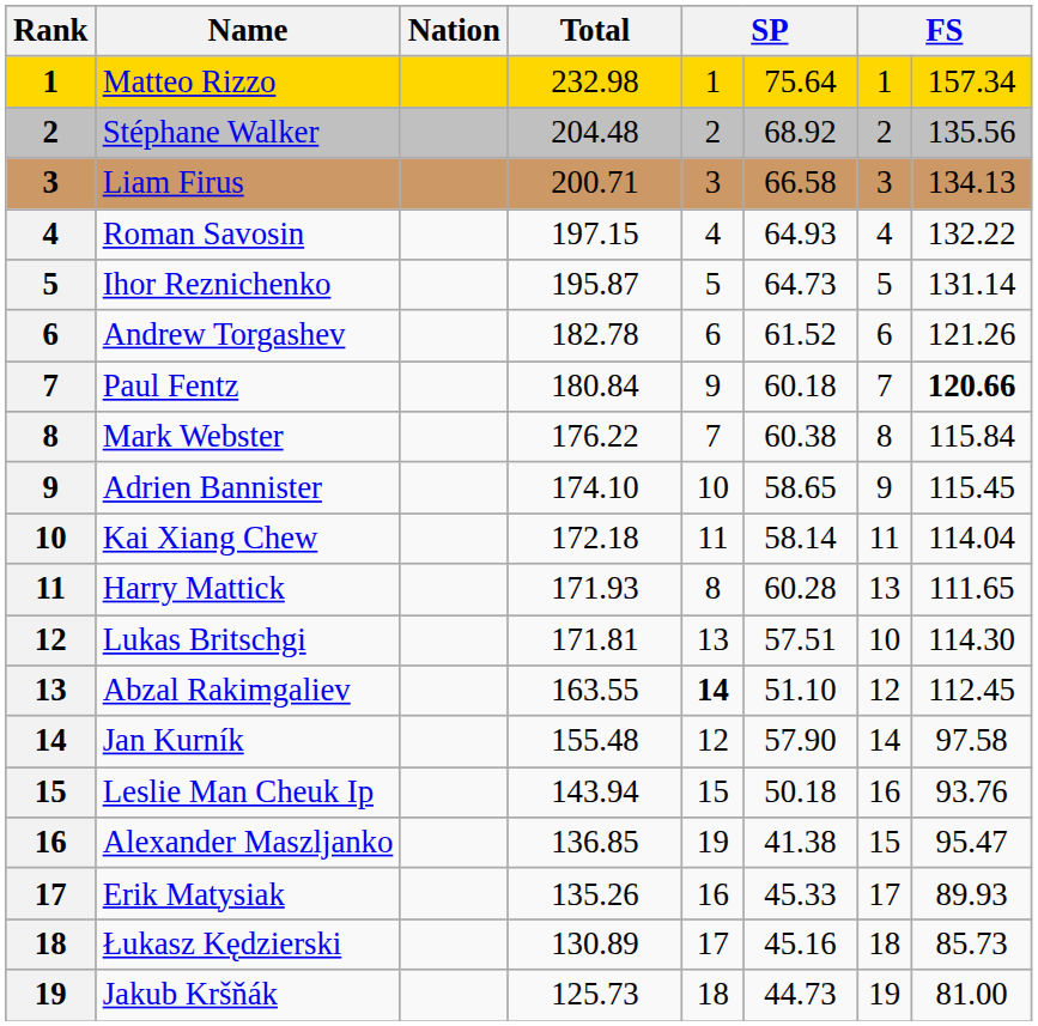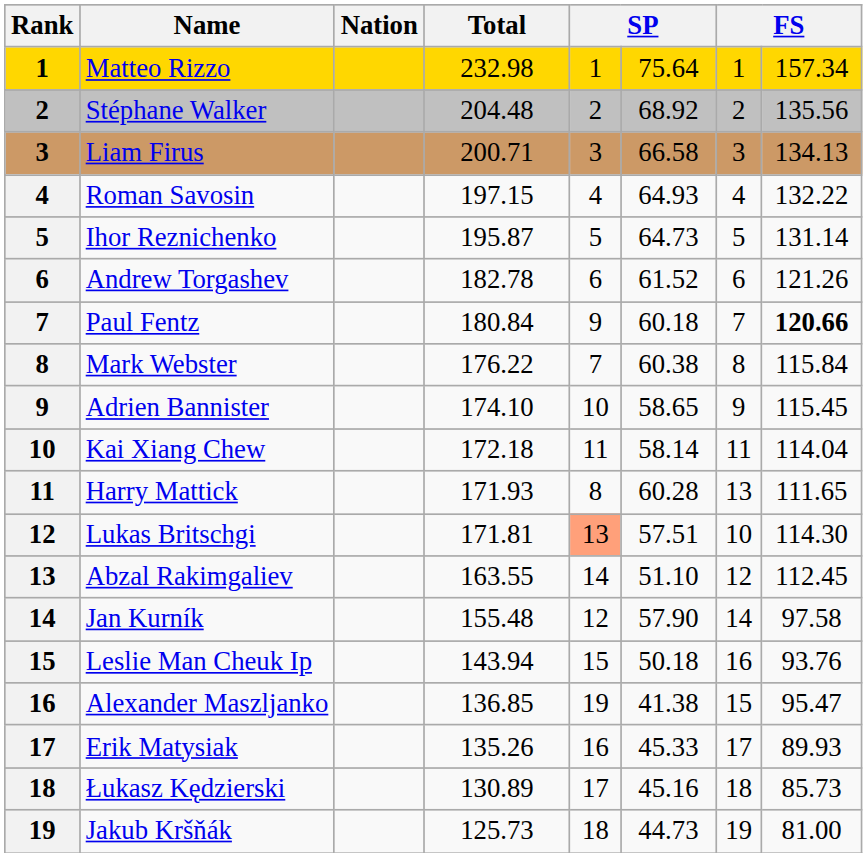 <table class="wikitable sortable">
 <tr>
 <th>Rank</th>
 <th>Name</th>
 <th>Nation</th>
 <th width="80px">Total</th>
 <th colspan="2" width="80px"><a href='#'>SP</a></th>
 <th colspan="2" width="80px"><a href='#'>FS</a></th>
 </tr>
 <tr bgcolor="gold">
 <td align="center"><strong>1</strong></td>
 <td><a href='#'>Matteo Rizzo</a></td>
 <td></td>
 <td align="center">232.98</td>
 <td align="center">1</td>
 <td align="center">75.64</td>
 <td align="center">1</td>
 <td align="center">157.34</td>
 </tr>
 <tr bgcolor="silver">
 <td align="center"><strong>2</strong></td>
 <td><a href='#'>Stéphane Walker</a></td>
 <td></td>
 <td align="center">204.48</td>
 <td align="center">2</td>
 <td align="center">68.92</td>
 <td align="center">2</td>
 <td align="center">135.56</td>
 </tr>
 <tr bgcolor="cc9966">
 <td align="center"><strong>3</strong></td>
 <td><a href='#'>Liam Firus</a></td>
 <td></td>
 <td align="center">200.71</td>
 <td align="center">3</td>
 <td align="center">66.58</td>
 <td align="center">3</td>
 <td align="center">134.13</td>
 </tr>
 <tr>
 <th>4</th>
 <td><a href='#'>Roman Savosin</a></td>
 <td></td>
 <td align="center">197.15</td>
 <td align="center">4</td>
 <td align="center">64.93</td>
 <td align="center">4</td>
 <td align="center">132.22</td>
 </tr>
 <tr>
 <th>5</th>
 <td><a href='#'>Ihor Reznichenko</a></td>
 <td></td>
 <td align="center">195.87</td>
 <td align="center">5</td>
 <td align="center">64.73</td>
 <td align="center">5</td>
 <td align="center">131.14</td>
 </tr>
 <tr>
 <th>6</th>
 <td><a href='#'>Andrew Torgashev</a></td>
 <td></td>
 <td align="center">182.78</td>
 <td align="center">6</td>
 <td align="center">61.52</td>
 <td align="center">6</td>
 <td align="center">121.26</td>
 </tr>
 <tr>
 <th>7</th>
 <td><a href='#'>Paul Fentz</a></td>
 <td></td>
 <td align="center">180.84</td>
 <td align="center">9</td>
 <td align="center">60.18</td>
 <td align="center">7</td>
 <td align="center"><strong>120.66</strong></td>
 </tr>
 <tr>
 <th>8</th>
 <td><a href='#'>Mark Webster</a></td>
 <td></td>
 <td align="center">176.22</td>
 <td align="center">7</td>
 <td align="center">60.38</td>
 <td align="center">8</td>
 <td align="center">115.84</td>
 </tr>
 <tr>
 <th>9</th>
 <td><a href='#'>Adrien Bannister</a></td>
 <td></td>
 <td align="center">174.10</td>
 <td align="center">10</td>
 <td align="center">58.65</td>
 <td align="center">9</td>
 <td align="center">115.45</td>
 </tr>
 <tr>
 <th>10</th>
 <td><a href='#'>Kai Xiang Chew</a></td>
 <td></td>
 <td align="center">172.18</td>
 <td align="center">11</td>
 <td align="center">58.14</td>
 <td align="center">11</td>
 <td align="center">114.04</td>
 </tr>
 <tr>
 <th>11</th>
 <td><a href='#'>Harry Mattick</a></td>
 <td></td>
 <td align="center">171.93</td>
 <td align="center">8</td>
 <td align="center">60.28</td>
 <td align="center">13</td>
 <td align="center">111.65</td>
 </tr>
 <tr>
 <th>12</th>
 <td><a href='#'>Lukas Britschgi</a></td>
 <td></td>
 <td align="center">171.81</td>
-<td align="center">13</td>
+<td align="center" style="background: lightsalmon;">13</td>
 <td align="center">57.51</td>
 <td align="center">10</td>
 <td align="center">114.30</td>
 </tr>
 <tr>
 <th>13</th>
 <td><a href='#'>Abzal Rakimgaliev</a></td>
 <td></td>
 <td align="center">163.55</td>
-<td align="center"><strong>14</strong></td>
+<td align="center">14</td>
 <td align="center">51.10</td>
 <td align="center">12</td>
 <td align="center">112.45</td>
 </tr>
 <tr>
 <th>14</th>
 <td><a href='#'>Jan Kurník</a></td>
 <td></td>
 <td align="center">155.48</td>
 <td align="center">12</td>
 <td align="center">57.90</td>
 <td align="center">14</td>
 <td align="center">97.58</td>
 </tr>
 <tr>
 <th>15</th>
 <td><a href='#'>Leslie Man Cheuk Ip</a></td>
 <td></td>
 <td align="center">143.94</td>
 <td align="center">15</td>
 <td align="center">50.18</td>
 <td align="center">16</td>
 <td align="center">93.76</td>
 </tr>
 <tr>
 <th>16</th>
 <td><a href='#'>Alexander Maszljanko</a></td>
 <td></td>
 <td align="center">136.85</td>
 <td align="center">19</td>
 <td align="center">41.38</td>
 <td align="center">15</td>
 <td align="center">95.47</td>
 </tr>
 <tr>
 <th>17</th>
 <td><a href='#'>Erik Matysiak</a></td>
 <td></td>
 <td align="center">135.26</td>
 <td align="center">16</td>
 <td align="center">45.33</td>
 <td align="center">17</td>
 <td align="center">89.93</td>
 </tr>
 <tr>
 <th>18</th>
 <td><a href='#'>Łukasz Kędzierski</a></td>
 <td></td>
 <td align="center">130.89</td>
 <td align="center">17</td>
 <td align="center">45.16</td>
 <td align="center">18</td>
 <td align="center">85.73</td>
 </tr>
 <tr>
 <th>19</th>
 <td><a href='#'>Jakub Kršňák</a></td>
 <td></td>
 <td align="center">125.73</td>
 <td align="center">18</td>
 <td align="center">44.73</td>
 <td align="center">19</td>
 <td align="center">81.00</td>
 </tr>
 </table>
